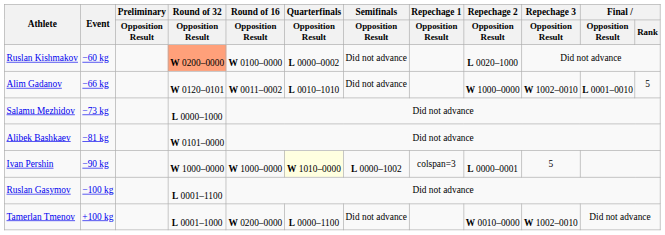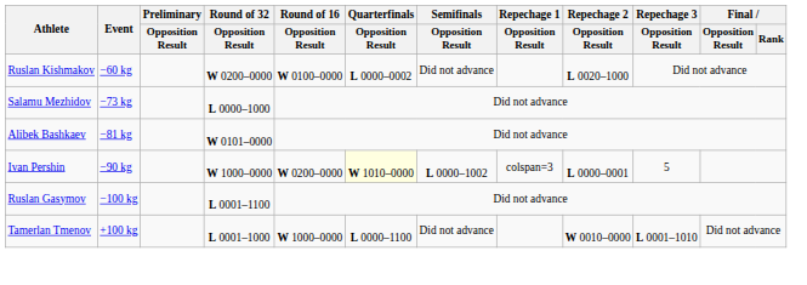 <table class="wikitable" style="font-size:90%">
 <tr>
 <th rowspan="2">Athlete</th>
 <th rowspan="2">Event</th>
 <th>Preliminary</th>
 <th>Round of 32</th>
 <th>Round of 16</th>
 <th>Quarterfinals</th>
 <th>Semifinals</th>
 <th>Repechage 1</th>
 <th>Repechage 2</th>
 <th>Repechage 3</th>
 <th colspan=2>Final / </th>
 </tr>
 <tr style="font-size:95%">
 <th>Opposition<br>Result</th>
 <th>Opposition<br>Result</th>
 <th>Opposition<br>Result</th>
 <th>Opposition<br>Result</th>
 <th>Opposition<br>Result</th>
 <th>Opposition<br>Result</th>
 <th>Opposition<br>Result</th>
 <th>Opposition<br>Result</th>
 <th>Opposition<br>Result</th>
 <th>Rank</th>
 </tr>
 <tr align=center>
 <td align=left><a href='#'>Ruslan Kishmakov</a></td>
 <td align=left><a href='#'>−60 kg</a></td>
 <td></td>
-<td style="background: lightsalmon;"><br><strong>W</strong> 0200–0000</td>
+<td><br><strong>W</strong> 0200–0000</td>
 <td><br><strong>W</strong> 0100–0000</td>
 <td><br><strong>L</strong> 0000–0002</td>
 <td>Did not advance</td>
 <td></td>
 <td><br><strong>L</strong> 0020–1000</td>
 <td colspan=3>Did not advance</td>
-</tr>
-<tr align=center>
-<td align=left><a href='#'>Alim Gadanov</a></td>
-<td align=left><a href='#'>−66 kg</a></td>
-<td></td>
-<td><br><strong>W</strong> 0120–0101</td>
-<td><br><strong>W</strong> 0011–0002</td>
-<td><br><strong>L</strong> 0010–1010</td>
-<td>Did not advance</td>
-<td></td>
-<td><br><strong>W</strong> 1000–0000</td>
-<td><br><strong>W</strong> 1002–0010</td>
-<td><br><strong>L</strong> 0001–0010</td>
-<td>5</td>
 </tr>
 <tr align=center>
 <td align=left><a href='#'>Salamu Mezhidov</a></td>
 <td align=left><a href='#'>−73 kg</a></td>
 <td></td>
 <td><br><strong>L</strong> 0000–1000</td>
 <td colspan=8>Did not advance</td>
 </tr>
 <tr align=center>
 <td align=left><a href='#'>Alibek Bashkaev</a></td>
 <td align=left><a href='#'>−81 kg</a></td>
 <td></td>
 <td><br><strong>W</strong> 0101–0000</td>
 <td colspan=8>Did not advance</td>
 </tr>
 <tr align=center>
 <td align=left><a href='#'>Ivan Pershin</a></td>
 <td align=left><a href='#'>−90 kg</a></td>
 <td></td>
 <td><br><strong>W</strong> 1000–0000</td>
-<td><br><strong>W</strong> 1000–0000</td>
+<td><br><strong>W</strong> 0200–0000</td>
 <td style="background: lightyellow;"><br><strong>W</strong> 1010–0000</td>
 <td><br><strong>L</strong> 0000–1002</td>
 <td>colspan=3 </td>
 <td><br><strong>L</strong> 0000–0001</td>
 <td>5</td>
 </tr>
 <tr align=center>
 <td align=left><a href='#'>Ruslan Gasymov</a></td>
 <td align=left><a href='#'>−100 kg</a></td>
 <td></td>
 <td><br><strong>L</strong> 0001–1100</td>
 <td colspan=8>Did not advance</td>
 </tr>
 <tr align=center>
 <td align=left><a href='#'>Tamerlan Tmenov</a></td>
 <td align=left><a href='#'>+100 kg</a></td>
 <td></td>
 <td><br><strong>L</strong> 0001–1000</td>
-<td><br><strong>W</strong> 0200–0000</td>
+<td><br><strong>W</strong> 1000–0000</td>
 <td><br><strong>L</strong> 0000–1100</td>
 <td>Did not advance</td>
 <td></td>
 <td><br><strong>W</strong> 0010–0000</td>
-<td><br><strong>W</strong> 1002–0010</td>
+<td><br><strong>L</strong> 0001–1010</td>
 <td colspan=2>Did not advance</td>
 </tr>
 </table>
